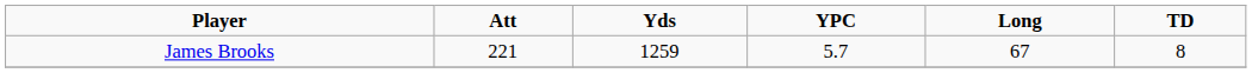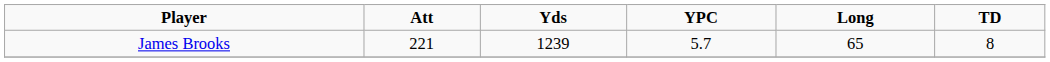 <table class="wikitable" width="80%">
 <tr align="center">
 <td><strong>Player</strong></td>
 <td><strong>Att</strong></td>
 <td><strong>Yds</strong></td>
 <td><strong>YPC</strong></td>
 <td><strong>Long</strong></td>
 <td><strong>TD</strong></td>
 </tr>
 <tr align="center" bgcolor="">
 <td><a href='#'>James Brooks</a></td>
 <td>221</td>
-<td>1259</td>
+<td>1239</td>
 <td>5.7</td>
-<td>67</td>
+<td>65</td>
 <td>8</td>
 </tr>
 <tr align="center" bgcolor="">
 </tr>
 </table>
